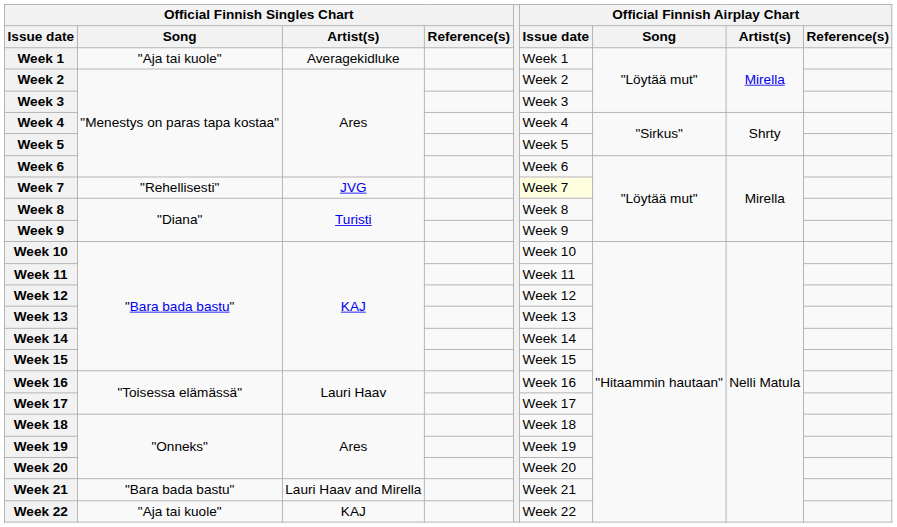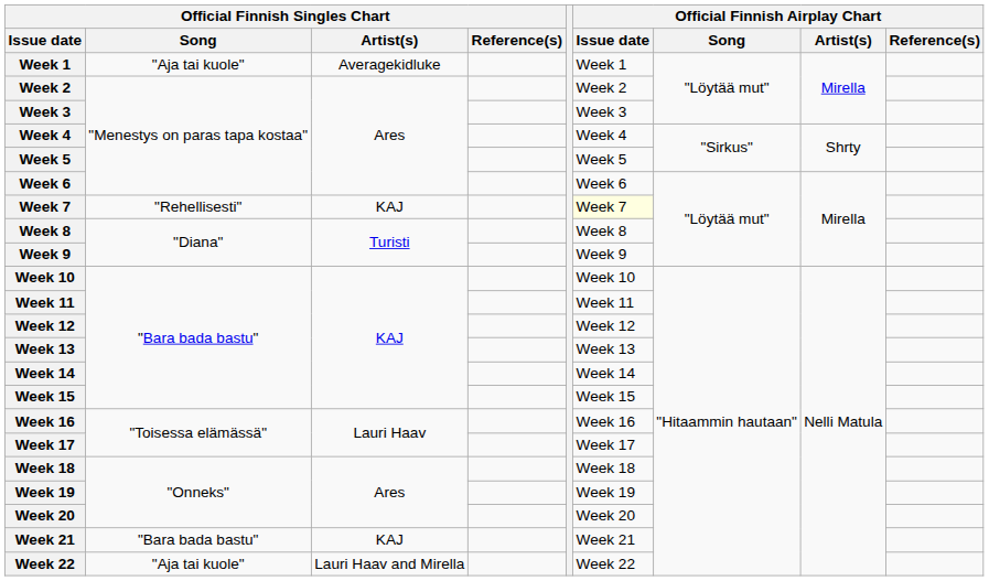 <table class="wikitable plainrowheaders" style="text-align:center">
 <tr>
 <th scope="col" colspan="4">Official Finnish Singles Chart</th>
 <th scope="col" colspan="1" rowspan="55"></th>
 <th scope="col" colspan="4">Official Finnish Airplay Chart</th>
 </tr>
 <tr>
 <th scope="col">Issue date</th>
 <th scope="col">Song</th>
 <th scope="col">Artist(s)</th>
 <th scope="col">Reference(s)</th>
 <th scope="col">Issue date</th>
 <th scope="col">Song</th>
 <th scope="col">Artist(s)</th>
 <th scope="col">Reference(s)</th>
 </tr>
 <tr>
 <th scope="row">Week 1</th>
 <td>"Aja tai kuole"</td>
 <td>Averagekidluke</td>
 <td></td>
 <td style="text-align: left;">Week 1</td>
 <td rowspan="3">"Löytää mut"</td>
 <td rowspan="3"><a href='#'>Mirella</a></td>
 <td></td>
 </tr>
 <tr>
 <th scope="row">Week 2</th>
 <td rowspan="5">"Menestys on paras tapa kostaa"</td>
 <td rowspan="5">Ares</td>
 <td></td>
 <td style="text-align: left;">Week 2</td>
 <td></td>
 </tr>
 <tr>
 <th scope="row">Week 3</th>
 <td></td>
 <td style="text-align: left;">Week 3</td>
 <td></td>
 </tr>
 <tr>
 <th scope="row">Week 4</th>
 <td></td>
 <td style="text-align: left;">Week 4</td>
 <td rowspan="2">"Sirkus"</td>
 <td rowspan="2">Shrty</td>
 <td></td>
 </tr>
 <tr>
 <th scope="row">Week 5</th>
 <td></td>
 <td style="text-align: left;">Week 5</td>
 <td></td>
 </tr>
 <tr>
 <th scope="row">Week 6</th>
 <td></td>
 <td style="text-align: left;">Week 6</td>
 <td rowspan="4">"Löytää mut"</td>
 <td rowspan="4">Mirella</td>
 <td></td>
 </tr>
 <tr>
 <th scope="row">Week 7</th>
 <td>"Rehellisesti"</td>
-<td><a href='#'>JVG</a></td>
+<td>KAJ</td>
 <td></td>
 <td style="background: lightyellow; text-align: left;">Week 7</td>
 <td></td>
 </tr>
 <tr>
 <th scope="row">Week 8</th>
 <td rowspan="2">"Diana"</td>
 <td rowspan="2"><a href='#'>Turisti</a></td>
 <td></td>
 <td style="text-align: left;">Week 8</td>
 <td></td>
 </tr>
 <tr>
 <th scope="row">Week 9</th>
 <td></td>
 <td style="text-align: left;">Week 9</td>
 <td></td>
 </tr>
 <tr>
 <th scope="row">Week 10</th>
 <td rowspan="6">"<a href='#'>Bara bada bastu</a>"</td>
 <td rowspan="6"><a href='#'>KAJ</a></td>
 <td></td>
 <td style="text-align: left;">Week 10</td>
 <td rowspan="13">"Hitaammin hautaan"</td>
 <td rowspan="13">Nelli Matula</td>
 <td></td>
 </tr>
 <tr>
 <th scope="row">Week 11</th>
 <td></td>
 <td style="text-align: left;">Week 11</td>
 <td></td>
 </tr>
 <tr>
 <th scope="row">Week 12</th>
 <td></td>
 <td style="text-align: left;">Week 12</td>
 <td></td>
 </tr>
 <tr>
 <th scope="row">Week 13</th>
 <td></td>
 <td style="text-align: left;">Week 13</td>
 <td></td>
 </tr>
 <tr>
 <th scope="row">Week 14</th>
 <td></td>
 <td style="text-align: left;">Week 14</td>
 <td></td>
 </tr>
 <tr>
 <th scope="row">Week 15</th>
 <td></td>
 <td style="text-align: left;">Week 15</td>
 <td></td>
 </tr>
 <tr>
 <th scope="row">Week 16</th>
 <td rowspan="2">"Toisessa elämässä"</td>
 <td rowspan="2">Lauri Haav</td>
 <td></td>
 <td style="text-align: left;">Week 16</td>
 <td></td>
 </tr>
 <tr>
 <th scope="row">Week 17</th>
 <td></td>
 <td style="text-align: left;">Week 17</td>
 <td></td>
 </tr>
 <tr>
 <th scope="row">Week 18</th>
 <td rowspan="3">"Onneks"</td>
 <td rowspan="3">Ares</td>
 <td></td>
 <td style="text-align: left;">Week 18</td>
 <td></td>
 </tr>
 <tr>
 <th scope="row">Week 19</th>
 <td></td>
 <td style="text-align: left;">Week 19</td>
 <td></td>
 </tr>
 <tr>
 <th scope="row">Week 20</th>
 <td></td>
 <td style="text-align: left;">Week 20</td>
 <td></td>
 </tr>
 <tr>
 <th scope="row">Week 21</th>
 <td>"Bara bada bastu"</td>
-<td>Lauri Haav and Mirella</td>
+<td>KAJ</td>
 <td></td>
 <td style="text-align: left;">Week 21</td>
 <td></td>
 </tr>
 <tr>
 <th scope="row">Week 22</th>
 <td>"Aja tai kuole"</td>
-<td>KAJ</td>
+<td>Lauri Haav and Mirella</td>
 <td></td>
 <td style="text-align: left;">Week 22</td>
 <td></td>
 </tr>
 </table>
